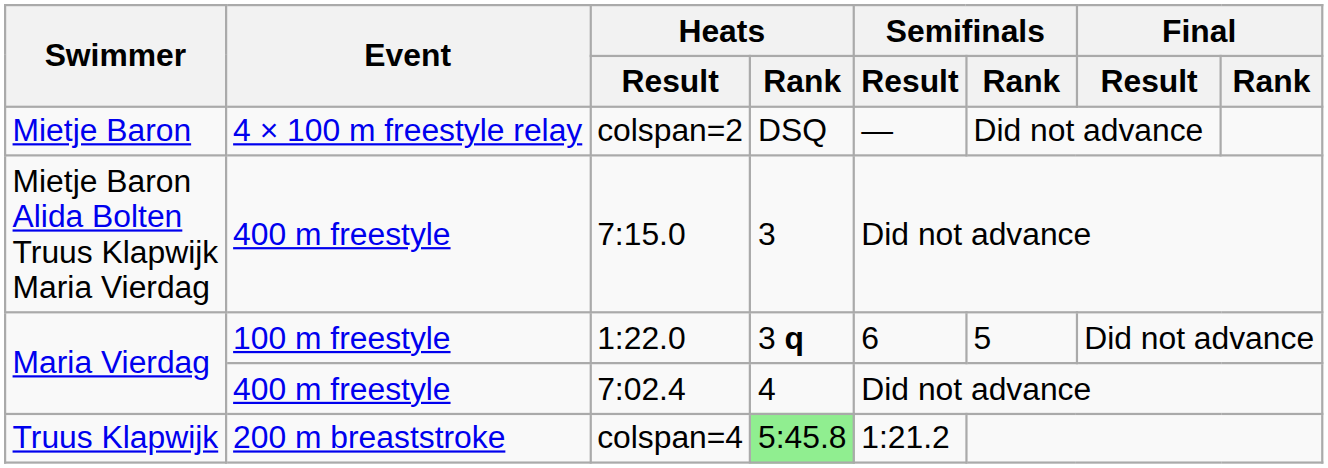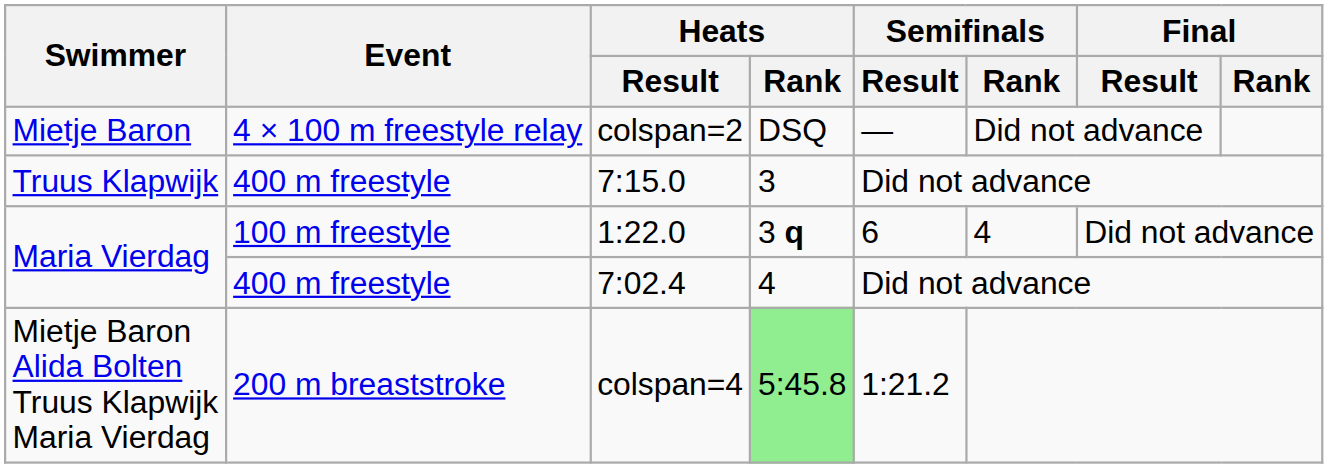 <table class=wikitable style="font-size:90%" style="text-align:center">
 <tr>
 <th rowspan=2>Swimmer</th>
 <th rowspan=2>Event</th>
 <th colspan=2>Heats</th>
 <th colspan=2>Semifinals</th>
 <th colspan=2>Final</th>
 </tr>
 <tr>
 <th>Result</th>
 <th>Rank</th>
 <th>Result</th>
 <th>Rank</th>
 <th>Result</th>
 <th>Rank</th>
 </tr>
 <tr>
 <td align=left><a href='#'>Mietje Baron</a></td>
 <td align=left><a href='#'>4 × 100 m freestyle relay</a></td>
 <td>colspan=2 </td>
 <td>DSQ</td>
 <td>—</td>
 <td colspan=2>Did not advance</td>
 </tr>
 <tr>
-<td align=left>Mietje Baron <br> <a href='#'>Alida Bolten</a> <br> Truus Klapwijk <br> Maria Vierdag</td>
+<td align=left><a href='#'>Truus Klapwijk</a></td>
 <td align=left><a href='#'>400 m freestyle</a></td>
 <td>7:15.0</td>
 <td>3</td>
 <td colspan=4>Did not advance</td>
 </tr>
 <tr>
 <td rowspan=2 align=left><a href='#'>Maria Vierdag</a></td>
 <td align=left><a href='#'>100 m freestyle</a></td>
 <td>1:22.0</td>
 <td>3 <strong>q</strong></td>
 <td>6</td>
-<td>5</td>
+<td>4</td>
 <td colspan=2>Did not advance</td>
 </tr>
 <tr>
 <td align=left><a href='#'>400 m freestyle</a></td>
 <td>7:02.4</td>
 <td>4</td>
 <td colspan=4>Did not advance</td>
 </tr>
 <tr>
-<td align=left><a href='#'>Truus Klapwijk</a></td>
+<td align=left>Mietje Baron <br> <a href='#'>Alida Bolten</a> <br> Truus Klapwijk <br> Maria Vierdag</td>
 <td align=left><a href='#'>200 m breaststroke</a></td>
 <td>colspan=4 </td>
 <td style="background: lightgreen;">5:45.8</td>
 <td>1:21.2</td>
 </tr>
 </table>
